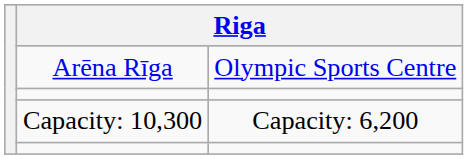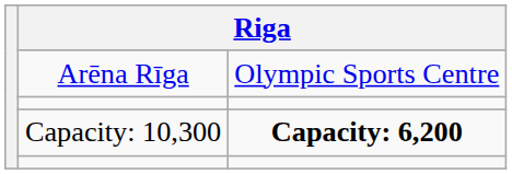 <table class="wikitable" style="text-align:center;">
 <tr>
 <th rowspan=5></th>
 <th colspan=2><a href='#'>Riga</a></th>
 </tr>
 <tr>
 <td><a href='#'>Arēna Rīga</a></td>
 <td><a href='#'>Olympic Sports Centre</a></td>
 </tr>
 <tr>
 <td></td>
 <td></td>
 </tr>
 <tr>
 <td>Capacity: 10,300</td>
-<td>Capacity: 6,200</td>
+<td><strong>Capacity: 6,200</strong></td>
 </tr>
 <tr>
 <td></td>
 <td></td>
 </tr>
 </table>
